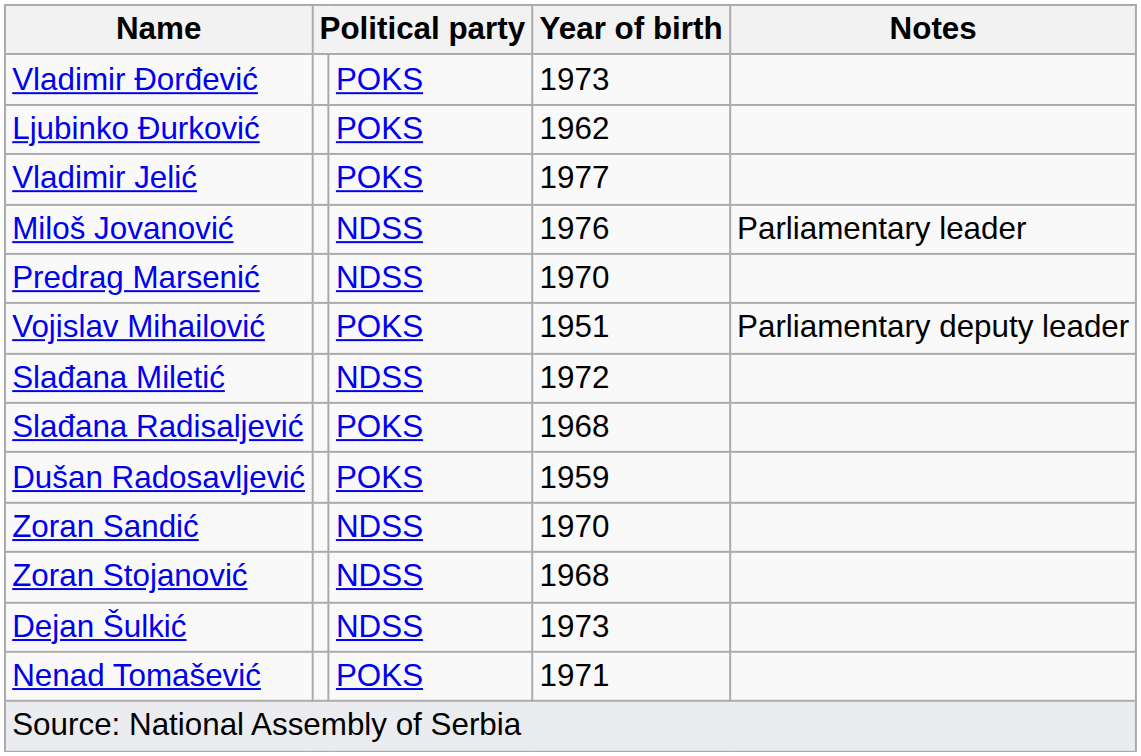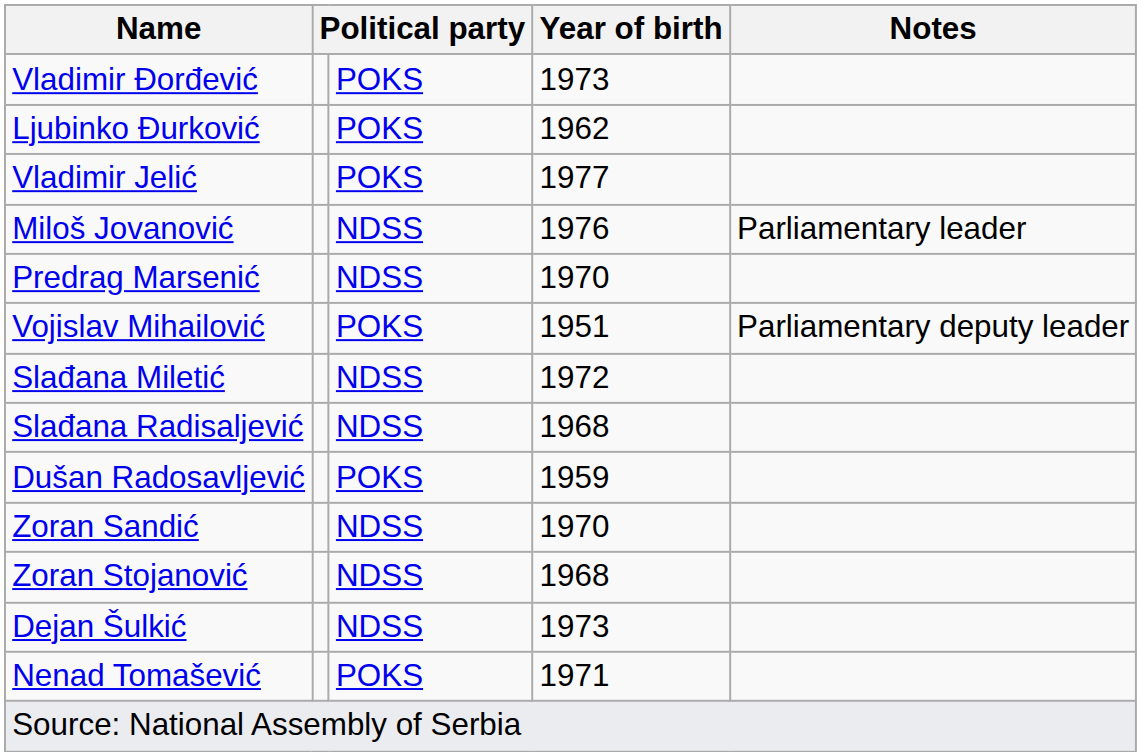 <table class="wikitable sortable" style="text-align:left">
 <tr>
 <th>Name</th>
 <th colspan="2">Political party</th>
 <th>Year of birth</th>
 <th>Notes</th>
 </tr>
 <tr>
 <td><a href='#'>Vladimir Đorđević</a></td>
 <td width="1" style="color:inherit;background: "></td>
 <td><a href='#'>POKS</a></td>
 <td>1973</td>
 <td></td>
 </tr>
 <tr>
 <td><a href='#'>Ljubinko Đurković</a></td>
 <td width="1" style="color:inherit;background: "></td>
 <td><a href='#'>POKS</a></td>
 <td>1962</td>
 <td></td>
 </tr>
 <tr>
 <td><a href='#'>Vladimir Jelić</a></td>
 <td width="1" style="color:inherit;background: "></td>
 <td><a href='#'>POKS</a></td>
 <td>1977</td>
 <td></td>
 </tr>
 <tr>
 <td><a href='#'>Miloš Jovanović</a></td>
 <td width="1" style="color:inherit;background: "></td>
 <td><a href='#'>NDSS</a></td>
 <td>1976</td>
 <td>Parliamentary leader</td>
 </tr>
 <tr>
 <td><a href='#'>Predrag Marsenić</a></td>
 <td width="1" style="color:inherit;background: "></td>
 <td><a href='#'>NDSS</a></td>
 <td>1970</td>
 <td></td>
 </tr>
 <tr>
 <td><a href='#'>Vojislav Mihailović</a></td>
 <td width="1" style="color:inherit;background: "></td>
 <td><a href='#'>POKS</a></td>
 <td>1951</td>
 <td>Parliamentary deputy leader</td>
 </tr>
 <tr>
 <td><a href='#'>Slađana Miletić</a></td>
 <td width="1" style="color:inherit;background: "></td>
 <td><a href='#'>NDSS</a></td>
 <td>1972</td>
 <td></td>
 </tr>
 <tr>
 <td><a href='#'>Slađana Radisaljević</a></td>
 <td width="1" style="color:inherit;background: "></td>
-<td><a href='#'>POKS</a></td>
+<td><a href='#'>NDSS</a></td>
 <td>1968</td>
 <td></td>
 </tr>
 <tr>
 <td><a href='#'>Dušan Radosavljević</a></td>
 <td width="1" style="color:inherit;background: "></td>
 <td><a href='#'>POKS</a></td>
 <td>1959</td>
 <td></td>
 </tr>
 <tr>
 <td><a href='#'>Zoran Sandić</a></td>
 <td width="1" style="color:inherit;background: "></td>
 <td><a href='#'>NDSS</a></td>
 <td>1970</td>
 <td></td>
 </tr>
 <tr>
 <td><a href='#'>Zoran Stojanović</a></td>
 <td width="1" style="color:inherit;background: "></td>
 <td><a href='#'>NDSS</a></td>
 <td>1968</td>
 <td></td>
 </tr>
 <tr>
 <td><a href='#'>Dejan Šulkić</a></td>
 <td width="1" style="color:inherit;background: "></td>
 <td><a href='#'>NDSS</a></td>
 <td>1973</td>
 <td></td>
 </tr>
 <tr>
 <td><a href='#'>Nenad Tomašević</a></td>
 <td width="1" style="color:inherit;background: "></td>
 <td><a href='#'>POKS</a></td>
 <td>1971</td>
 <td></td>
 </tr>
 <tr>
 <td style="background-color:#EAECF0" colspan="5">Source: National Assembly of Serbia</td>
 </tr>
 </table>
